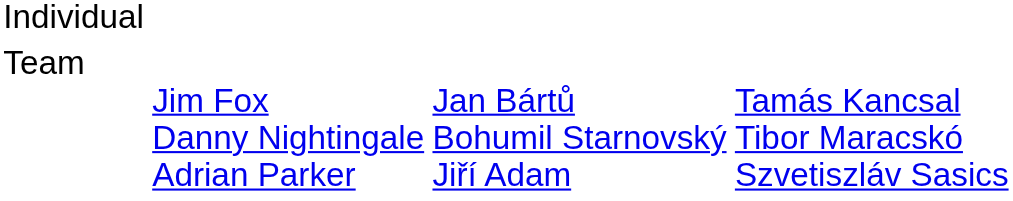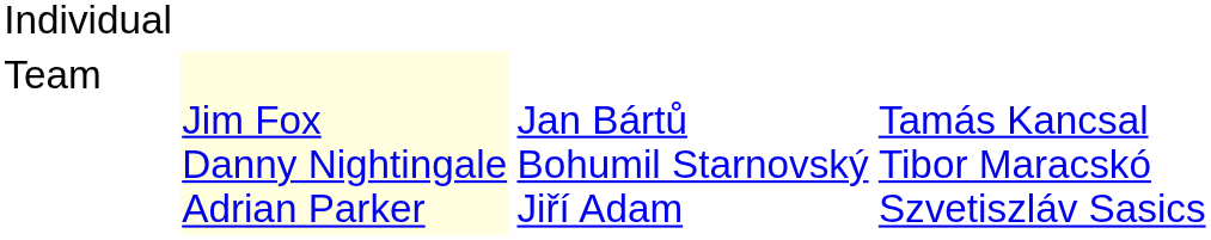 <table>
 <tr valign="top">
 <td>Individual <br> </td>
 <td></td>
 <td></td>
 <td></td>
 </tr>
 <tr valign="top">
 <td>Team <br> </td>
-<td><br><a href='#'>Jim Fox</a><br><a href='#'>Danny Nightingale</a><br><a href='#'>Adrian Parker</a></td>
+<td style="background: lightyellow;"><br><a href='#'>Jim Fox</a><br><a href='#'>Danny Nightingale</a><br><a href='#'>Adrian Parker</a></td>
 <td><br><a href='#'>Jan Bártů</a><br><a href='#'>Bohumil Starnovský</a><br><a href='#'>Jiří Adam</a></td>
 <td><br><a href='#'>Tamás Kancsal</a><br><a href='#'>Tibor Maracskó</a><br><a href='#'>Szvetiszláv Sasics</a></td>
 </tr>
 </table>
